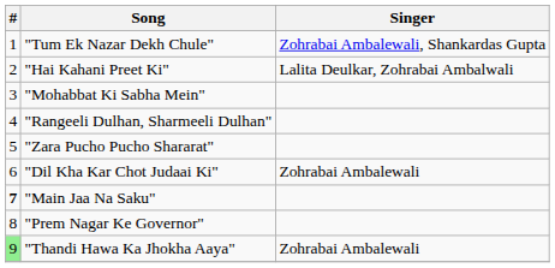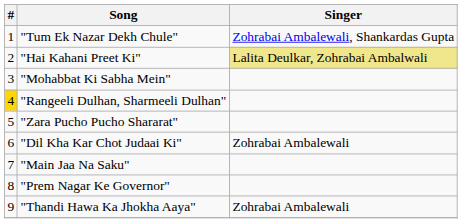 <table class="wikitable">
 <tr>
 <th>#</th>
 <th>Song</th>
 <th>Singer</th>
 </tr>
 <tr>
 <td>1</td>
 <td>"Tum Ek Nazar Dekh Chule"</td>
 <td><a href='#'>Zohrabai Ambalewali</a>, Shankardas Gupta</td>
 </tr>
 <tr>
 <td>2</td>
 <td>"Hai Kahani Preet Ki"</td>
-<td>Lalita Deulkar, Zohrabai Ambalwali</td>
+<td style="background: khaki;">Lalita Deulkar, Zohrabai Ambalwali</td>
 </tr>
 <tr>
 <td>3</td>
 <td>"Mohabbat Ki Sabha Mein"</td>
 <td></td>
 </tr>
 <tr>
-<td>4</td>
+<td style="background: gold;">4</td>
 <td>"Rangeeli Dulhan, Sharmeeli Dulhan"</td>
 <td></td>
 </tr>
 <tr>
 <td>5</td>
 <td>"Zara Pucho Pucho Shararat"</td>
 <td></td>
 </tr>
 <tr>
 <td>6</td>
 <td>"Dil Kha Kar Chot Judaai Ki"</td>
 <td>Zohrabai Ambalewali</td>
 </tr>
 <tr>
-<td><strong>7</strong></td>
+<td>7</td>
 <td>"Main Jaa Na Saku"</td>
 <td></td>
 </tr>
 <tr>
 <td>8</td>
 <td>"Prem Nagar Ke Governor"</td>
 <td></td>
 </tr>
 <tr>
-<td style="background: lightgreen;">9</td>
+<td>9</td>
 <td>"Thandi Hawa Ka Jhokha Aaya"</td>
 <td>Zohrabai Ambalewali</td>
 </tr>
 <tr>
 </tr>
 </table>
